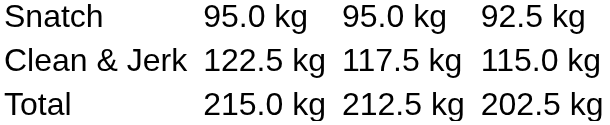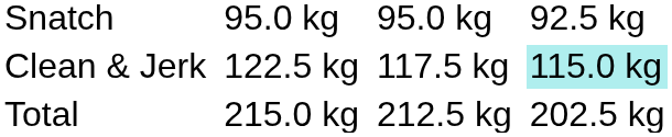 <table>
 <tr>
 <td>Snatch</td>
 <td></td>
 <td>95.0 kg</td>
 <td></td>
 <td>95.0 kg</td>
 <td></td>
 <td>92.5 kg</td>
 </tr>
 <tr>
 <td>Clean & Jerk</td>
 <td></td>
 <td>122.5 kg</td>
 <td></td>
 <td>117.5 kg</td>
 <td></td>
-<td>115.0 kg</td>
+<td style="background: paleturquoise;">115.0 kg</td>
 </tr>
 <tr>
 <td>Total</td>
 <td></td>
 <td>215.0 kg</td>
 <td></td>
 <td>212.5 kg</td>
 <td></td>
 <td>202.5 kg</td>
 </tr>
 </table>
